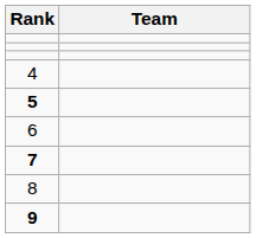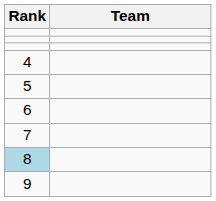 <table class=wikitable style="text-align:center;">
 <tr>
 <th width=40>Rank</th>
 <th width=160>Team</th>
 </tr>
 <tr>
 <td></td>
 <td align=left></td>
 </tr>
 <tr>
 <td></td>
 <td align=left></td>
 </tr>
 <tr>
 <td></td>
 <td align=left></td>
 </tr>
 <tr>
 <td>4</td>
 <td align=left></td>
 </tr>
 <tr>
-<td><strong>5</strong></td>
+<td>5</td>
 <td align=left></td>
 </tr>
 <tr>
 <td>6</td>
 <td align=left></td>
 </tr>
 <tr>
-<td><strong>7</strong></td>
+<td>7</td>
 <td align=left></td>
 </tr>
 <tr>
-<td>8</td>
+<td style="background: lightblue;">8</td>
 <td align=left></td>
 </tr>
 <tr>
-<td><strong>9</strong></td>
+<td>9</td>
 <td align=left></td>
 </tr>
 </table>
